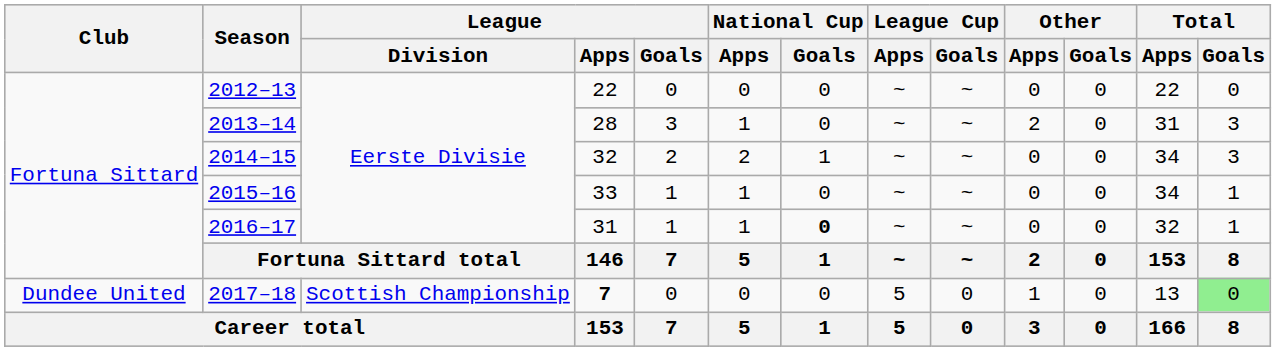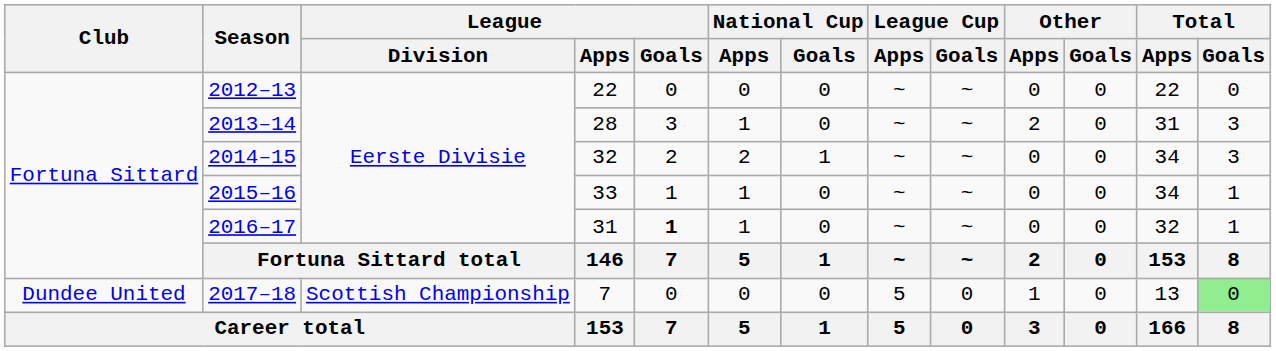 <table class="wikitable" style="text-align:center">
 <tr>
 <th rowspan="2">Club</th>
 <th rowspan="2">Season</th>
 <th colspan="3">League</th>
 <th colspan="2">National Cup</th>
 <th colspan="2">League Cup</th>
 <th colspan="2">Other</th>
 <th colspan="2">Total</th>
 </tr>
 <tr>
 <th>Division</th>
 <th>Apps</th>
 <th>Goals</th>
 <th>Apps</th>
 <th>Goals</th>
 <th>Apps</th>
 <th>Goals</th>
 <th>Apps</th>
 <th>Goals</th>
 <th>Apps</th>
 <th>Goals</th>
 </tr>
 <tr>
 <td rowspan="6"><a href='#'>Fortuna Sittard</a></td>
 <td><a href='#'>2012–13</a></td>
 <td rowspan="5"><a href='#'>Eerste Divisie</a></td>
 <td>22</td>
 <td>0</td>
 <td>0</td>
 <td>0</td>
 <td>~</td>
 <td>~</td>
 <td>0</td>
 <td>0</td>
 <td>22</td>
 <td>0</td>
 </tr>
 <tr>
 <td><a href='#'>2013–14</a></td>
 <td>28</td>
 <td>3</td>
 <td>1</td>
 <td>0</td>
 <td>~</td>
 <td>~</td>
 <td>2</td>
 <td>0</td>
 <td>31</td>
 <td>3</td>
 </tr>
 <tr>
 <td><a href='#'>2014–15</a></td>
 <td>32</td>
 <td>2</td>
 <td>2</td>
 <td>1</td>
 <td>~</td>
 <td>~</td>
 <td>0</td>
 <td>0</td>
 <td>34</td>
 <td>3</td>
 </tr>
 <tr>
 <td><a href='#'>2015–16</a></td>
 <td>33</td>
 <td>1</td>
 <td>1</td>
 <td>0</td>
 <td>~</td>
 <td>~</td>
 <td>0</td>
 <td>0</td>
 <td>34</td>
 <td>1</td>
 </tr>
 <tr>
 <td><a href='#'>2016–17</a></td>
 <td>31</td>
+<td><strong>1</strong></td>
 <td>1</td>
-<td>1</td>
-<td><strong>0</strong></td>
+<td>0</td>
 <td>~</td>
 <td>~</td>
 <td>0</td>
 <td>0</td>
 <td>32</td>
 <td>1</td>
 </tr>
 <tr>
 <th colspan="2">Fortuna Sittard total</th>
 <th>146</th>
 <th>7</th>
 <th>5</th>
 <th>1</th>
 <th>~</th>
 <th>~</th>
 <th>2</th>
 <th>0</th>
 <th>153</th>
 <th>8</th>
 </tr>
 <tr>
 <td><a href='#'>Dundee United</a></td>
 <td><a href='#'>2017–18</a></td>
 <td><a href='#'>Scottish Championship</a></td>
-<td><strong>7</strong></td>
+<td>7</td>
 <td>0</td>
 <td>0</td>
 <td>0</td>
 <td>5</td>
 <td>0</td>
 <td>1</td>
 <td>0</td>
 <td>13</td>
 <td style="background: lightgreen;">0</td>
 </tr>
 <tr>
 <th colspan="3">Career total</th>
 <th>153</th>
 <th>7</th>
 <th>5</th>
 <th>1</th>
 <th>5</th>
 <th>0</th>
 <th>3</th>
 <th>0</th>
 <th>166</th>
 <th>8</th>
 </tr>
 </table>
